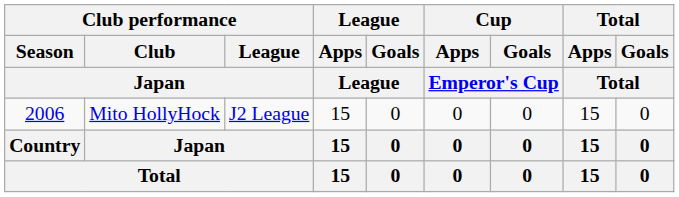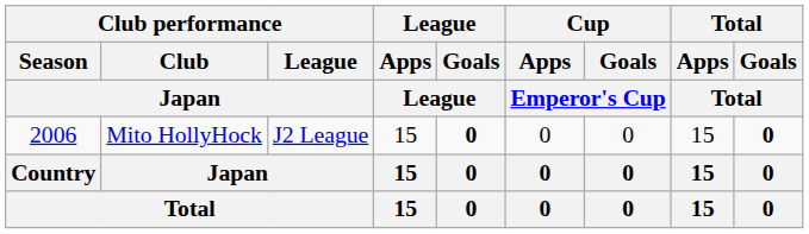 <table class="wikitable" style="text-align:center;">
 <tr>
 <th colspan=3>Club performance</th>
 <th colspan=2>League</th>
 <th colspan=2>Cup</th>
 <th colspan=2>Total</th>
 </tr>
 <tr>
 <th>Season</th>
 <th>Club</th>
 <th>League</th>
 <th>Apps</th>
 <th>Goals</th>
 <th>Apps</th>
 <th>Goals</th>
 <th>Apps</th>
 <th>Goals</th>
 </tr>
 <tr>
 <th colspan=3>Japan</th>
 <th colspan=2>League</th>
 <th colspan=2><a href='#'>Emperor's Cup</a></th>
 <th colspan=2>Total</th>
 </tr>
 <tr>
 <td><a href='#'>2006</a></td>
 <td><a href='#'>Mito HollyHock</a></td>
 <td><a href='#'>J2 League</a></td>
 <td>15</td>
-<td>0</td>
+<td><strong>0</strong></td>
 <td>0</td>
 <td>0</td>
 <td>15</td>
-<td>0</td>
+<td><strong>0</strong></td>
 </tr>
 <tr>
 <th rowspan=1>Country</th>
 <th colspan=2>Japan</th>
 <th>15</th>
 <th>0</th>
 <th>0</th>
 <th>0</th>
 <th>15</th>
 <th>0</th>
 </tr>
 <tr>
 <th colspan=3>Total</th>
 <th>15</th>
 <th>0</th>
 <th>0</th>
 <th>0</th>
 <th>15</th>
 <th>0</th>
 </tr>
 </table>
